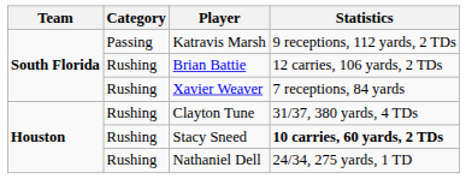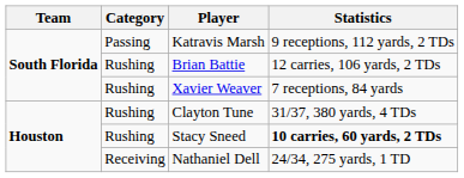 <table class="wikitable" style="float: right;">
 <tr>
 <th>Team</th>
 <th>Category</th>
 <th>Player</th>
 <th>Statistics</th>
 </tr>
 <tr>
 <td rowspan=3><strong>South Florida</strong></td>
 <td>Passing</td>
 <td>Katravis Marsh</td>
 <td>9 receptions, 112 yards, 2 TDs</td>
 </tr>
 <tr>
 <td>Rushing</td>
 <td><a href='#'>Brian Battie</a></td>
 <td>12 carries, 106 yards, 2 TDs</td>
 </tr>
 <tr>
 <td>Rushing</td>
 <td><a href='#'>Xavier Weaver</a></td>
 <td>7 receptions, 84 yards</td>
 </tr>
 <tr>
 <td rowspan=3><strong>Houston</strong></td>
 <td>Rushing</td>
 <td>Clayton Tune</td>
 <td>31/37, 380 yards, 4 TDs</td>
 </tr>
 <tr>
 <td>Rushing</td>
 <td>Stacy Sneed</td>
 <td><strong>10 carries, 60 yards, 2 TDs</strong></td>
 </tr>
 <tr>
-<td>Rushing</td>
+<td>Receiving</td>
 <td>Nathaniel Dell</td>
 <td>24/34, 275 yards, 1 TD</td>
 </tr>
 </table>
